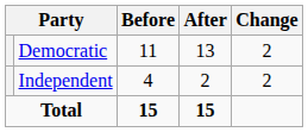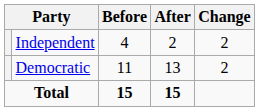 <table class="wikitable" style="text-align:center;">
 <tr>
 </tr>
 <tr>
 <th colspan=2>Party</th>
 <th>Before</th>
 <th>After</th>
 <th>Change</th>
 </tr>
 <tr>
 <th style="background-color:"></th>
-<td style="text-align:left;"><a href='#'>Democratic</a></td>
-<td>11</td>
-<td>13</td>
+<td style="text-align:left;"><a href='#'>Independent</a></td>
+<td>4</td>
+<td>2</td>
 <td> 2</td>
 </tr>
 <tr>
 <th style="background-color:"></th>
-<td style="text-align:left;"><a href='#'>Independent</a></td>
-<td>4</td>
-<td>2</td>
+<td style="text-align:left;"><a href='#'>Democratic</a></td>
+<td>11</td>
+<td>13</td>
 <td> 2</td>
 </tr>
 <tr>
 <td colspan=2><strong>Total</strong></td>
 <td><strong>15</strong></td>
 <td><strong>15</strong></td>
 <td></td>
 </tr>
 </table>
